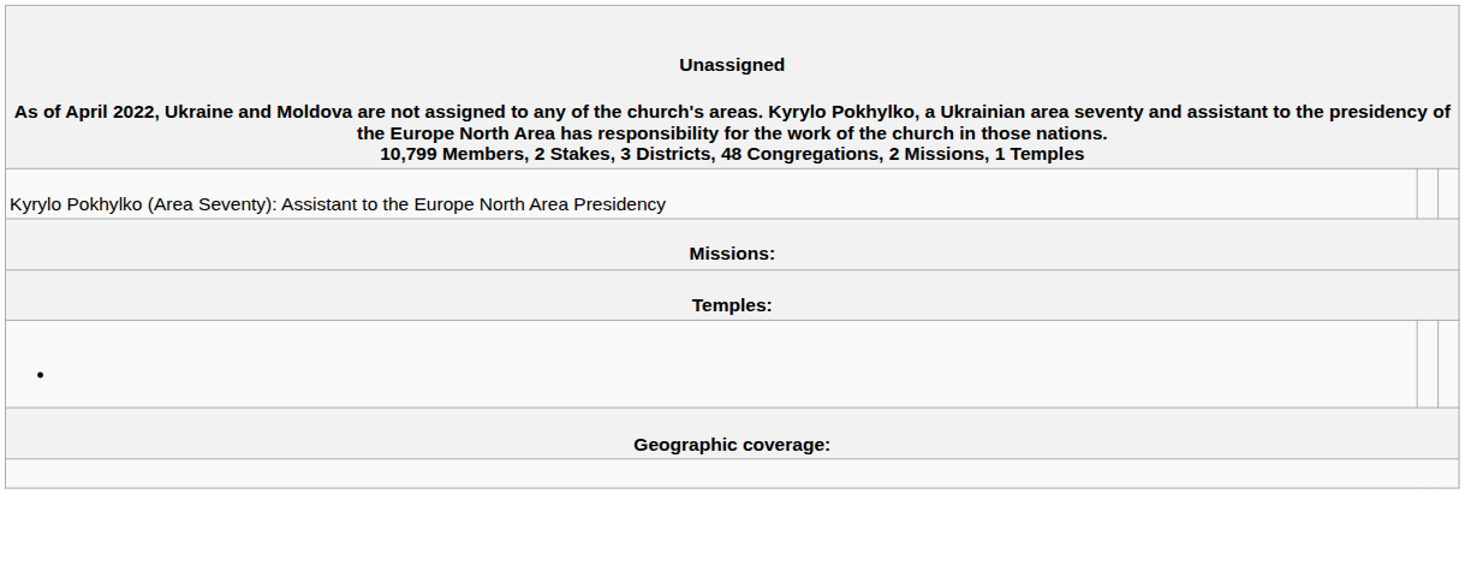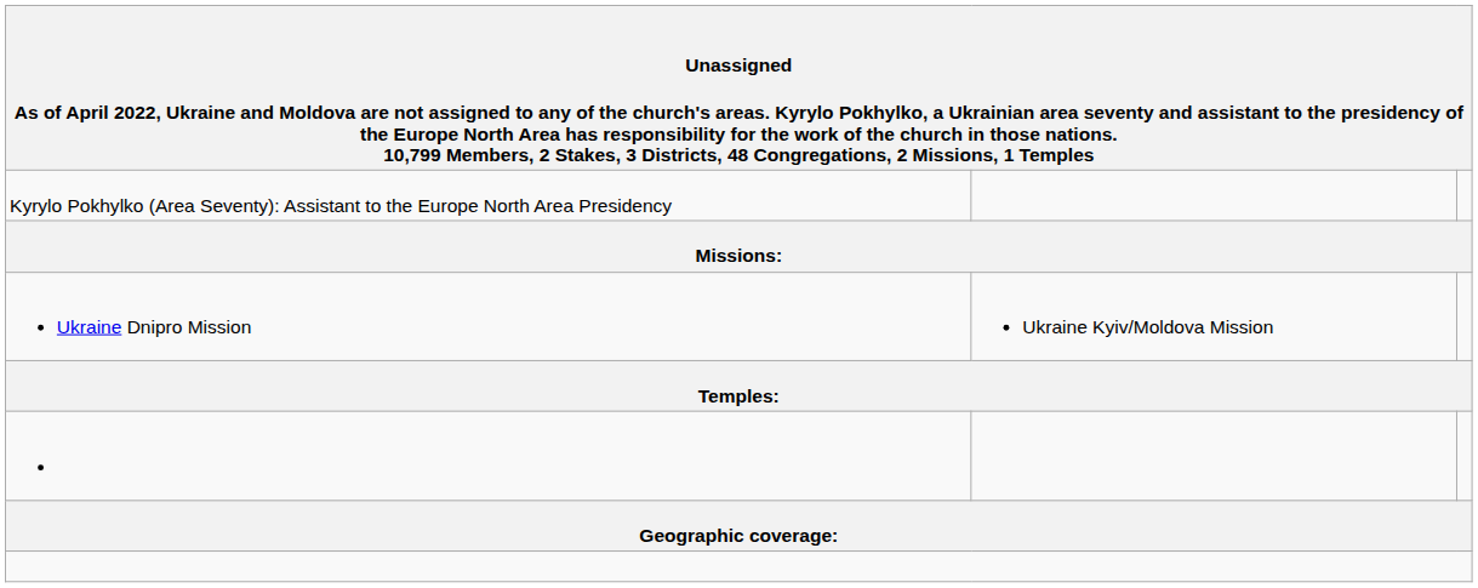 <table class=wikitable>
 <tr>
 <th colspan=3><br><h4>Unassigned</h4>As of April 2022, Ukraine and Moldova are not assigned to any of the church's areas. Kyrylo Pokhylko, a Ukrainian area seventy and assistant to the presidency of the Europe North Area has responsibility for the work of the church in those nations.<br>10,799 Members, 2 Stakes, 3 Districts, 48 Congregations, 2 Missions, 1 Temples</th>
 </tr>
 <tr>
 <td style="vertical-align:top"><br>Kyrylo Pokhylko (Area Seventy): Assistant to the Europe North Area Presidency</td>
 <td style="vertical-align:top"></td>
 <td style="vertical-align:top"></td>
 </tr>
 <tr>
 <th colspan=3><br>Missions:</th>
+</tr>
+<tr>
+<td style="vertical-align:top"><br><ul><li><a href='#'>Ukraine</a> Dnipro Mission</li></ul></td>
+<td style="vertical-align:top"><br><ul><li>Ukraine Kyiv/Moldova Mission</li></ul></td>
+<td style="vertical-align:top"></td>
 </tr>
 <tr>
 <th colspan=3><br>Temples:</th>
 </tr>
 <tr>
 <td style="vertical-align:top"><br><ul><li></li></ul></td>
 <td style="vertical-align:top"></td>
 <td style="vertical-align:top"></td>
 </tr>
 <tr>
 <th colspan=3><br>Geographic coverage:</th>
 </tr>
 <tr>
 <td style="vertical-align:top" colspan=3><br></td>
 </tr>
 </table>
